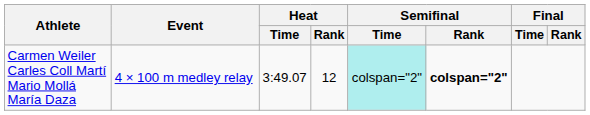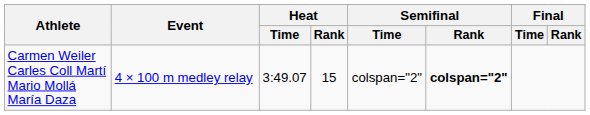 <table class="wikitable" style="text-align:center; font-size:90%; width:50%;">
 <tr>
 <th rowspan="2">Athlete</th>
 <th rowspan="2">Event</th>
 <th colspan="2">Heat</th>
 <th colspan="2">Semifinal</th>
 <th colspan="2">Final</th>
 </tr>
 <tr style="font-size:95%">
 <th>Time</th>
 <th>Rank</th>
 <th>Time</th>
 <th>Rank</th>
 <th>Time</th>
 <th>Rank</th>
 </tr>
 <tr>
 <td align=left><a href='#'>Carmen Weiler</a> <br><a href='#'>Carles Coll Martí</a> <br><a href='#'>Mario Mollá</a> <br><a href='#'>María Daza</a></td>
 <td align=left><a href='#'>4 × 100 m medley relay</a></td>
 <td>3:49.07</td>
-<td>12</td>
-<td style="background: paleturquoise;">colspan="2" </td>
+<td>15</td>
+<td>colspan="2" </td>
 <td><strong>colspan="2"  </strong></td>
 </tr>
 </table>
